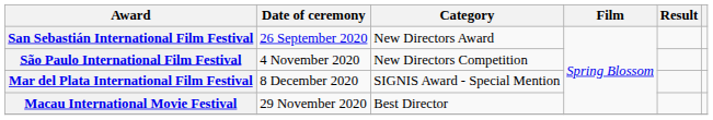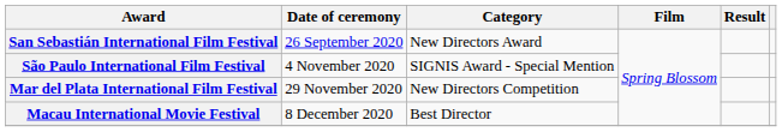 <table class="wikitable sortable plainrowheaders">
 <tr>
 <th scope="col">Award</th>
 <th scope="col">Date of ceremony</th>
 <th scope="col">Category</th>
 <th scope="col">Film</th>
 <th scope="col">Result</th>
 <th scope="col" class="unsortable"></th>
 </tr>
 <tr>
 <th scope="row"><a href='#'>San Sebastián International Film Festival</a></th>
 <td><a href='#'>26 September 2020</a></td>
 <td>New Directors Award</td>
 <td rowspan="4"><em><a href='#'>Spring Blossom</a></em></td>
 <td></td>
 <td align="center"></td>
 </tr>
 <tr>
 <th scope="row"><a href='#'>São Paulo International Film Festival</a></th>
 <td>4 November 2020</td>
+<td>SIGNIS Award - Special Mention</td>
+<td></td>
+<td align="center"></td>
+</tr>
+<tr>
+<th scope="row"><a href='#'>Mar del Plata International Film Festival</a></th>
+<td>29 November 2020</td>
 <td>New Directors Competition</td>
 <td></td>
 <td align="center"></td>
 </tr>
 <tr>
-<th scope="row"><a href='#'>Mar del Plata International Film Festival</a></th>
+<th scope="row"><a href='#'>Macau International Movie Festival</a></th>
 <td>8 December 2020</td>
-<td>SIGNIS Award - Special Mention</td>
-<td></td>
-<td align="center"></td>
-</tr>
-<tr>
-<th scope="row"><a href='#'>Macau International Movie Festival</a></th>
-<td>29 November 2020</td>
 <td>Best Director</td>
 <td></td>
 <td align="center"></td>
 </tr>
 <tr>
 </tr>
 </table>
